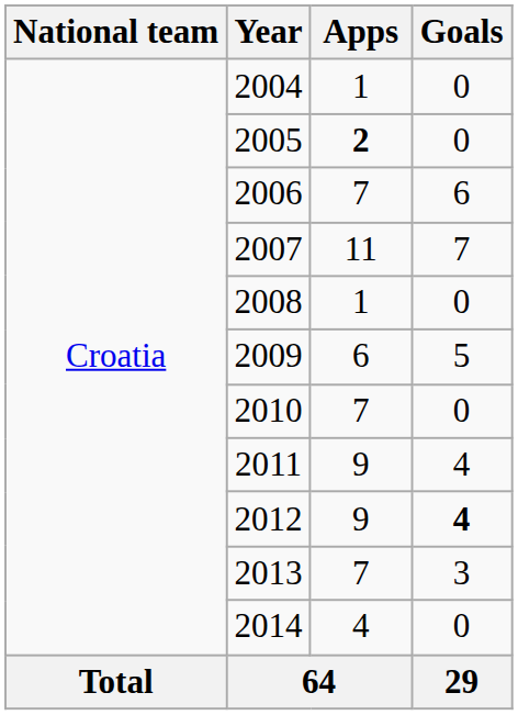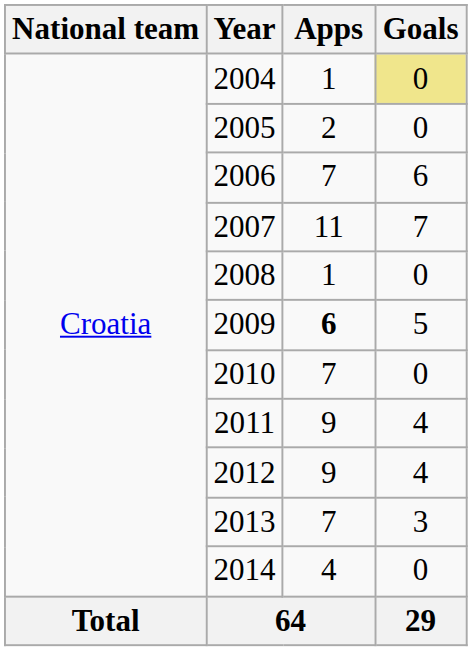 <table class="wikitable" style="text-align:center">
 <tr>
 <th>National team</th>
 <th>Year</th>
 <th width="40">Apps</th>
 <th width="40">Goals</th>
 </tr>
 <tr>
 <td rowspan="11"><a href='#'>Croatia</a></td>
 <td>2004</td>
 <td>1</td>
-<td>0</td>
+<td style="background: khaki;">0</td>
 </tr>
 <tr>
 <td>2005</td>
-<td><strong>2</strong></td>
+<td>2</td>
 <td>0</td>
 </tr>
 <tr>
 <td>2006</td>
 <td>7</td>
 <td>6</td>
 </tr>
 <tr>
 <td>2007</td>
 <td>11</td>
 <td>7</td>
 </tr>
 <tr>
 <td>2008</td>
 <td>1</td>
 <td>0</td>
 </tr>
 <tr>
 <td>2009</td>
-<td>6</td>
+<td><strong>6</strong></td>
 <td>5</td>
 </tr>
 <tr>
 <td>2010</td>
 <td>7</td>
 <td>0</td>
 </tr>
 <tr>
 <td>2011</td>
 <td>9</td>
 <td>4</td>
 </tr>
 <tr>
 <td>2012</td>
 <td>9</td>
-<td><strong>4</strong></td>
+<td>4</td>
 </tr>
 <tr>
 <td>2013</td>
 <td>7</td>
 <td>3</td>
 </tr>
 <tr>
 <td>2014</td>
 <td>4</td>
 <td>0</td>
 </tr>
 <tr>
 <th>Total</th>
 <th colspan="2">64</th>
 <th>29</th>
 </tr>
 </table>
